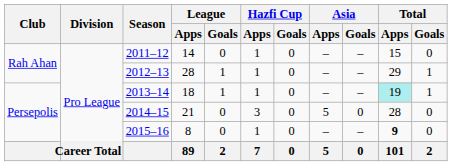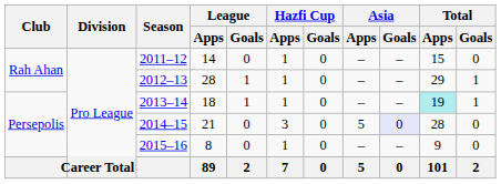 <table class="wikitable" style="text-align: center;">
 <tr>
 <th rowspan="2">Club</th>
 <th rowspan="2">Division</th>
 <th rowspan="2">Season</th>
 <th colspan="2">League</th>
 <th colspan="2"><a href='#'>Hazfi Cup</a></th>
 <th colspan="2"><a href='#'>Asia</a></th>
 <th colspan="2">Total</th>
 </tr>
 <tr>
 <th>Apps</th>
 <th>Goals</th>
 <th>Apps</th>
 <th>Goals</th>
 <th>Apps</th>
 <th>Goals</th>
 <th>Apps</th>
 <th>Goals</th>
 </tr>
 <tr>
 <td rowspan="2"><a href='#'>Rah Ahan</a></td>
 <td rowspan="6"><a href='#'>Pro League</a></td>
 <td><a href='#'>2011–12</a></td>
 <td>14</td>
 <td>0</td>
 <td>1</td>
 <td>0</td>
 <td>–</td>
 <td>–</td>
 <td>15</td>
 <td>0</td>
 </tr>
 <tr>
 <td><a href='#'>2012–13</a></td>
 <td>28</td>
 <td>1</td>
 <td>1</td>
 <td>0</td>
 <td>–</td>
 <td>–</td>
 <td>29</td>
 <td>1</td>
 </tr>
 <tr>
 <td rowspan="3"><a href='#'>Persepolis</a></td>
 <td><a href='#'>2013–14</a></td>
 <td>18</td>
 <td>1</td>
 <td>1</td>
 <td>0</td>
 <td>–</td>
 <td>–</td>
 <td style="background: paleturquoise;">19</td>
 <td>1</td>
 </tr>
 <tr>
 <td><a href='#'>2014–15</a></td>
 <td>21</td>
 <td>0</td>
 <td>3</td>
 <td>0</td>
 <td>5</td>
-<td>0</td>
+<td style="background: lavender;">0</td>
 <td>28</td>
 <td>0</td>
 </tr>
 <tr>
 <td><a href='#'>2015–16</a></td>
 <td>8</td>
 <td>0</td>
 <td>1</td>
 <td>0</td>
 <td>–</td>
 <td>–</td>
-<td><strong>9</strong></td>
+<td>9</td>
 <td>0</td>
 </tr>
 <tr>
 <th colspan=3>Career Total</th>
 <th>89</th>
 <th>2</th>
 <th>7</th>
 <th>0</th>
 <th>5</th>
 <th>0</th>
 <th>101</th>
 <th>2</th>
 </tr>
 </table>
